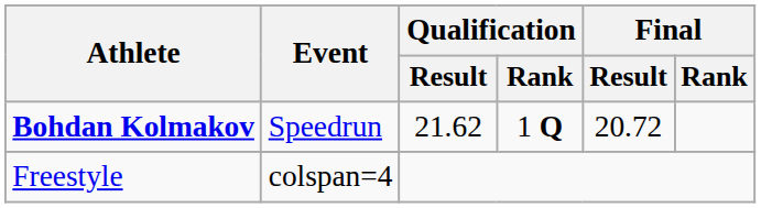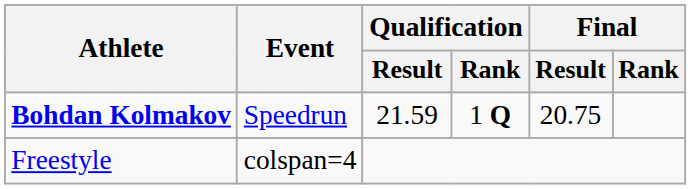 <table class=wikitable style="font-size:90%">
 <tr>
 <th rowspan="2">Athlete</th>
 <th rowspan="2">Event</th>
 <th colspan="2">Qualification</th>
 <th colspan="2">Final</th>
 </tr>
 <tr style="font-size:95%">
 <th>Result</th>
 <th>Rank</th>
 <th>Result</th>
 <th>Rank</th>
 </tr>
 <tr align=center>
 <td align=left rowspan=2><strong><a href='#'>Bohdan Kolmakov</a></strong></td>
 <td align=left><a href='#'>Speedrun</a></td>
-<td>21.62</td>
+<td>21.59</td>
 <td>1 <strong>Q</strong></td>
-<td>20.72</td>
+<td>20.75</td>
 <td></td>
 </tr>
 <tr>
 </tr>
 <tr align=center>
 <td align=left><a href='#'>Freestyle</a></td>
 <td>colspan=4 </td>
 </tr>
 </table>
